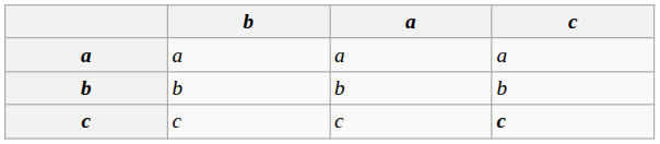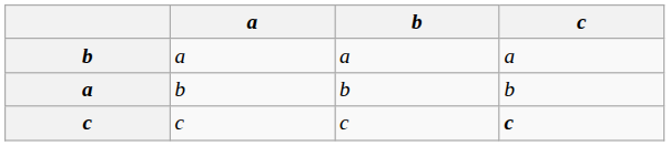 <table class="wikitable" style="width: 25%">
 <tr>
 <th></th>
+<th><em>a</em></th>
 <th><em>b</em></th>
-<th><em>a</em></th>
 <th><em>c</em></th>
 </tr>
 <tr>
-<th><em>a</em></th>
+<th><em>b</em></th>
 <td><em>a</em></td>
 <td><em>a</em></td>
 <td><em>a</em></td>
 </tr>
 <tr>
-<th><em>b</em></th>
+<th><em>a</em></th>
 <td><em>b</em></td>
 <td><em>b</em></td>
 <td><em>b</em></td>
 </tr>
 <tr>
 <th><em>c</em></th>
 <td><em>c</em></td>
 <td><em>c</em></td>
 <td><strong><em>c</em></strong></td>
 </tr>
 </table>
